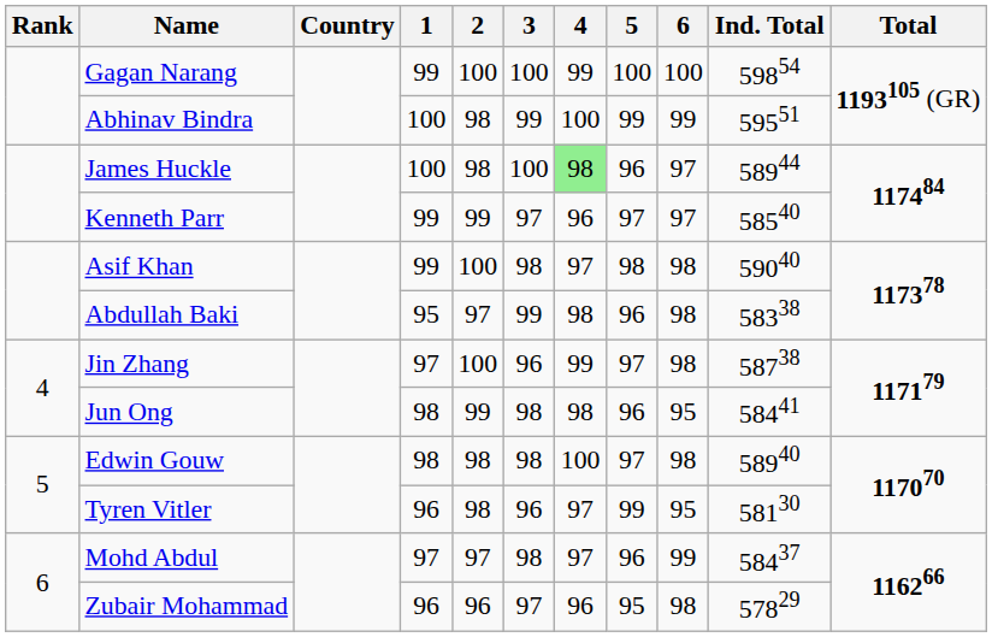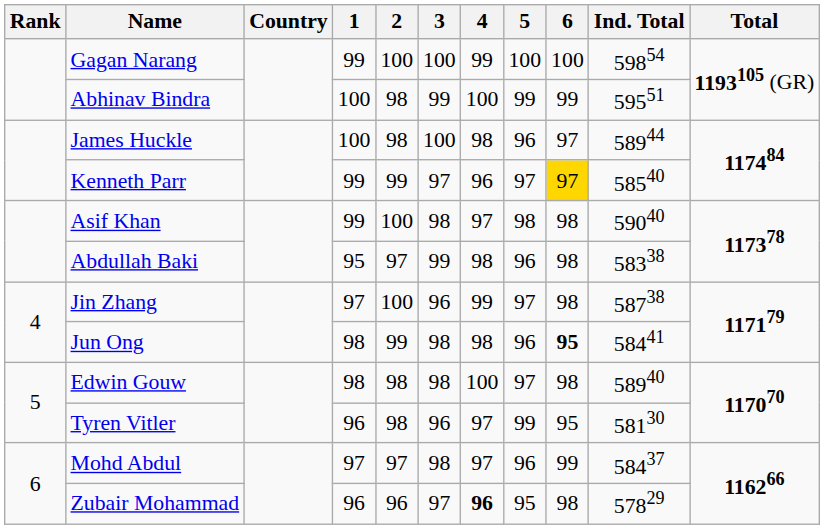 <table class="wikitable sortable" style="text-align:center;">
 <tr>
 <th>Rank</th>
 <th>Name</th>
 <th>Country</th>
 <th>1</th>
 <th>2</th>
 <th>3</th>
 <th>4</th>
 <th>5</th>
 <th>6</th>
 <th>Ind. Total</th>
 <th>Total</th>
 </tr>
 <tr>
 <td rowspan=2></td>
 <td align=left><a href='#'>Gagan Narang</a></td>
 <td rowspan=2></td>
 <td>99</td>
 <td>100</td>
 <td>100</td>
 <td>99</td>
 <td>100</td>
 <td>100</td>
 <td>598<sup>54</sup></td>
 <td rowspan=2><strong>1193<sup>105</sup></strong> (GR)</td>
 </tr>
 <tr>
 <td align=left><a href='#'>Abhinav Bindra</a></td>
 <td>100</td>
 <td>98</td>
 <td>99</td>
 <td>100</td>
 <td>99</td>
 <td>99</td>
 <td>595<sup>51</sup></td>
 </tr>
 <tr>
 <td rowspan=2></td>
 <td align=left><a href='#'>James Huckle</a></td>
 <td rowspan=2></td>
 <td>100</td>
 <td>98</td>
 <td>100</td>
-<td style="background: lightgreen;">98</td>
+<td>98</td>
 <td>96</td>
 <td>97</td>
 <td>589<sup>44</sup></td>
 <td rowspan=2><strong>1174<sup>84</sup></strong></td>
 </tr>
 <tr>
 <td align=left><a href='#'>Kenneth Parr</a></td>
 <td>99</td>
 <td>99</td>
 <td>97</td>
 <td>96</td>
 <td>97</td>
-<td>97</td>
+<td style="background: gold;">97</td>
 <td>585<sup>40</sup></td>
 </tr>
 <tr>
 <td rowspan=2></td>
 <td align=left><a href='#'>Asif Khan</a></td>
 <td rowspan=2></td>
 <td>99</td>
 <td>100</td>
 <td>98</td>
 <td>97</td>
 <td>98</td>
 <td>98</td>
 <td>590<sup>40</sup></td>
 <td rowspan=2><strong>1173<sup>78</sup></strong></td>
 </tr>
 <tr>
 <td align=left><a href='#'>Abdullah Baki</a></td>
 <td>95</td>
 <td>97</td>
 <td>99</td>
 <td>98</td>
 <td>96</td>
 <td>98</td>
 <td>583<sup>38</sup></td>
 </tr>
 <tr>
 <td rowspan=2>4</td>
 <td align=left><a href='#'>Jin Zhang</a></td>
 <td rowspan=2></td>
 <td>97</td>
 <td>100</td>
 <td>96</td>
 <td>99</td>
 <td>97</td>
 <td>98</td>
 <td>587<sup>38</sup></td>
 <td rowspan=2><strong>1171<sup>79</sup></strong></td>
 </tr>
 <tr>
 <td align=left><a href='#'>Jun Ong</a></td>
 <td>98</td>
 <td>99</td>
 <td>98</td>
 <td>98</td>
 <td>96</td>
-<td>95</td>
+<td><strong>95</strong></td>
 <td>584<sup>41</sup></td>
 </tr>
 <tr>
 <td rowspan=2>5</td>
 <td align=left><a href='#'>Edwin Gouw</a></td>
 <td rowspan=2></td>
 <td>98</td>
 <td>98</td>
 <td>98</td>
 <td>100</td>
 <td>97</td>
 <td>98</td>
 <td>589<sup>40</sup></td>
 <td rowspan=2><strong>1170<sup>70</sup></strong></td>
 </tr>
 <tr>
 <td align=left><a href='#'>Tyren Vitler</a></td>
 <td>96</td>
 <td>98</td>
 <td>96</td>
 <td>97</td>
 <td>99</td>
 <td>95</td>
 <td>581<sup>30</sup></td>
 </tr>
 <tr>
 <td rowspan=2>6</td>
 <td align=left><a href='#'>Mohd Abdul</a></td>
 <td rowspan=2></td>
 <td>97</td>
 <td>97</td>
 <td>98</td>
 <td>97</td>
 <td>96</td>
 <td>99</td>
 <td>584<sup>37</sup></td>
 <td rowspan=2><strong>1162<sup>66</sup></strong></td>
 </tr>
 <tr>
 <td align=left><a href='#'>Zubair Mohammad</a></td>
 <td>96</td>
 <td>96</td>
 <td>97</td>
-<td>96</td>
+<td><strong>96</strong></td>
 <td>95</td>
 <td>98</td>
 <td>578<sup>29</sup></td>
 </tr>
 </table>
